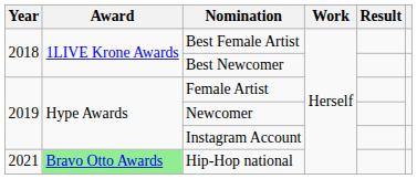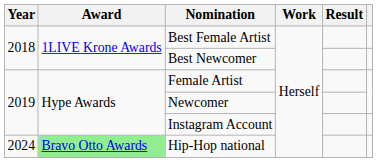 <table class="wikitable">
 <tr>
 <th>Year</th>
 <th>Award</th>
 <th>Nomination</th>
 <th>Work</th>
 <th>Result</th>
 <th></th>
 </tr>
 <tr>
 <td rowspan="2">2018</td>
 <td rowspan="2"><a href='#'>1LIVE Krone Awards</a></td>
 <td>Best Female Artist</td>
 <td rowspan="6">Herself</td>
 <td></td>
 <td></td>
 </tr>
 <tr>
 <td>Best Newcomer</td>
 <td></td>
 <td></td>
 </tr>
 <tr>
 <td rowspan="3">2019</td>
 <td rowspan="3">Hype Awards</td>
 <td>Female Artist</td>
 <td></td>
 <td rowspan="2"></td>
 </tr>
 <tr>
 <td>Newcomer</td>
 <td></td>
 </tr>
 <tr>
 <td>Instagram Account</td>
 <td></td>
 <td></td>
 </tr>
 <tr>
-<td>2021</td>
+<td>2024</td>
 <td style="background: lightgreen;"><a href='#'>Bravo Otto Awards</a></td>
 <td>Hip-Hop national</td>
 <td></td>
 <td></td>
 </tr>
 </table>
